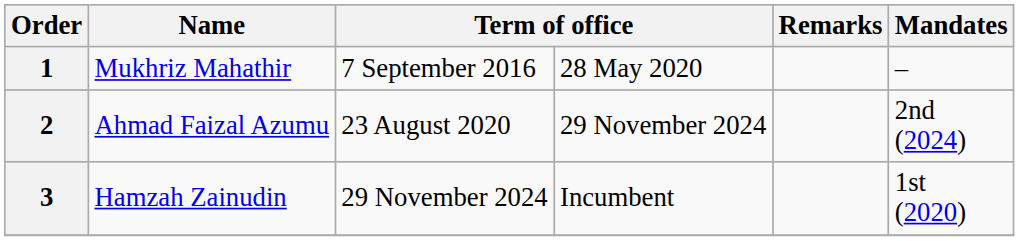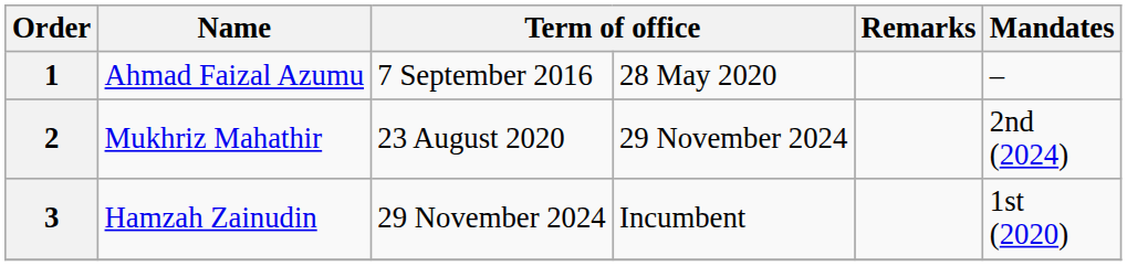 <table class="wikitable">
 <tr>
 <th>Order</th>
 <th>Name</th>
 <th colspan="2">Term of office</th>
 <th>Remarks</th>
 <th>Mandates</th>
 </tr>
 <tr>
 <th>1</th>
-<td><a href='#'>Mukhriz Mahathir</a></td>
+<td><a href='#'>Ahmad Faizal Azumu</a></td>
 <td>7 September 2016</td>
 <td>28 May 2020</td>
 <td></td>
 <td>–</td>
 </tr>
 <tr>
 <th>2</th>
-<td><a href='#'>Ahmad Faizal Azumu</a></td>
+<td><a href='#'>Mukhriz Mahathir</a></td>
 <td>23 August 2020</td>
 <td>29 November 2024</td>
 <td></td>
 <td>2nd <br> (<a href='#'>2024</a>)</td>
 </tr>
 <tr>
 <th>3</th>
 <td><a href='#'>Hamzah Zainudin</a></td>
 <td>29 November 2024</td>
 <td>Incumbent</td>
 <td></td>
 <td>1st <br> (<a href='#'>2020</a>)</td>
 </tr>
 <tr>
 </tr>
 </table>
